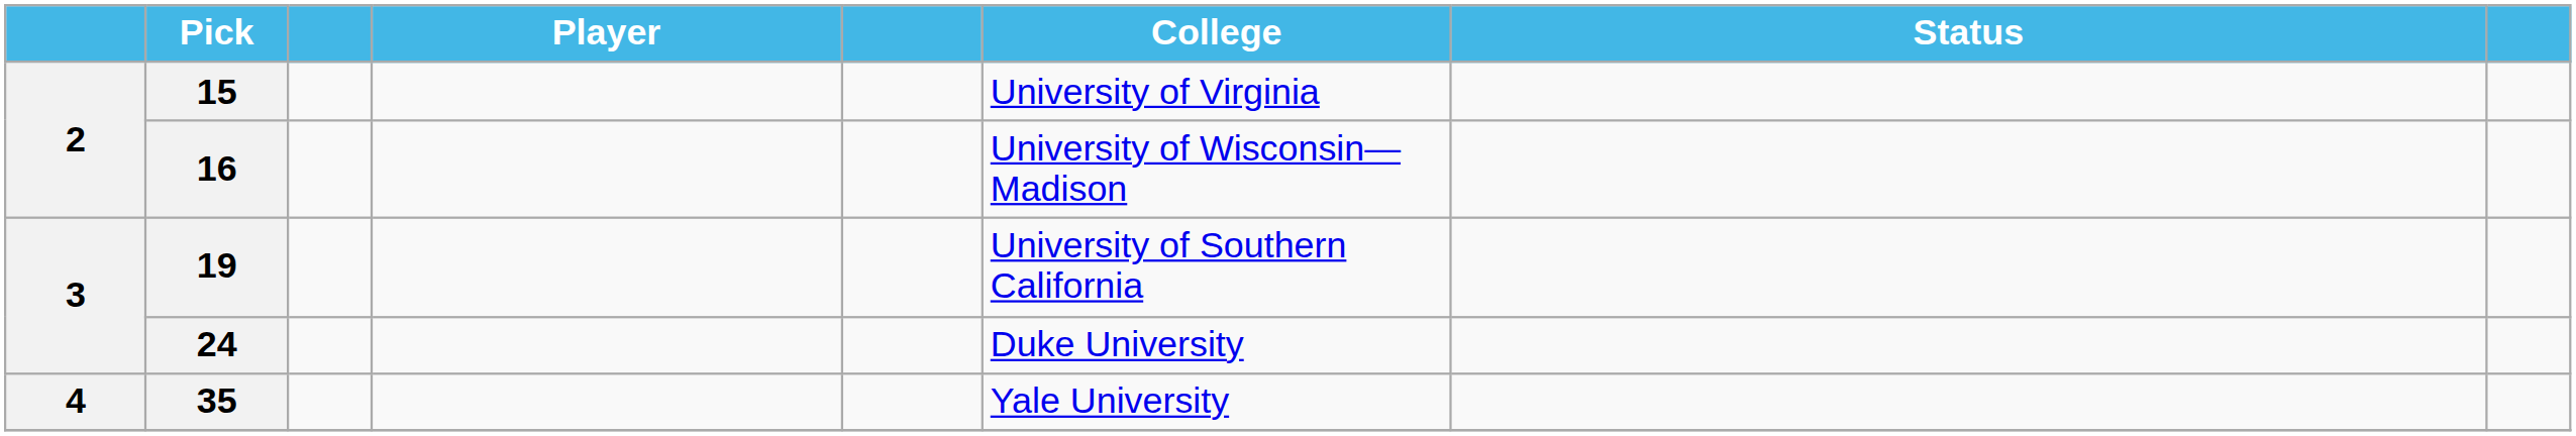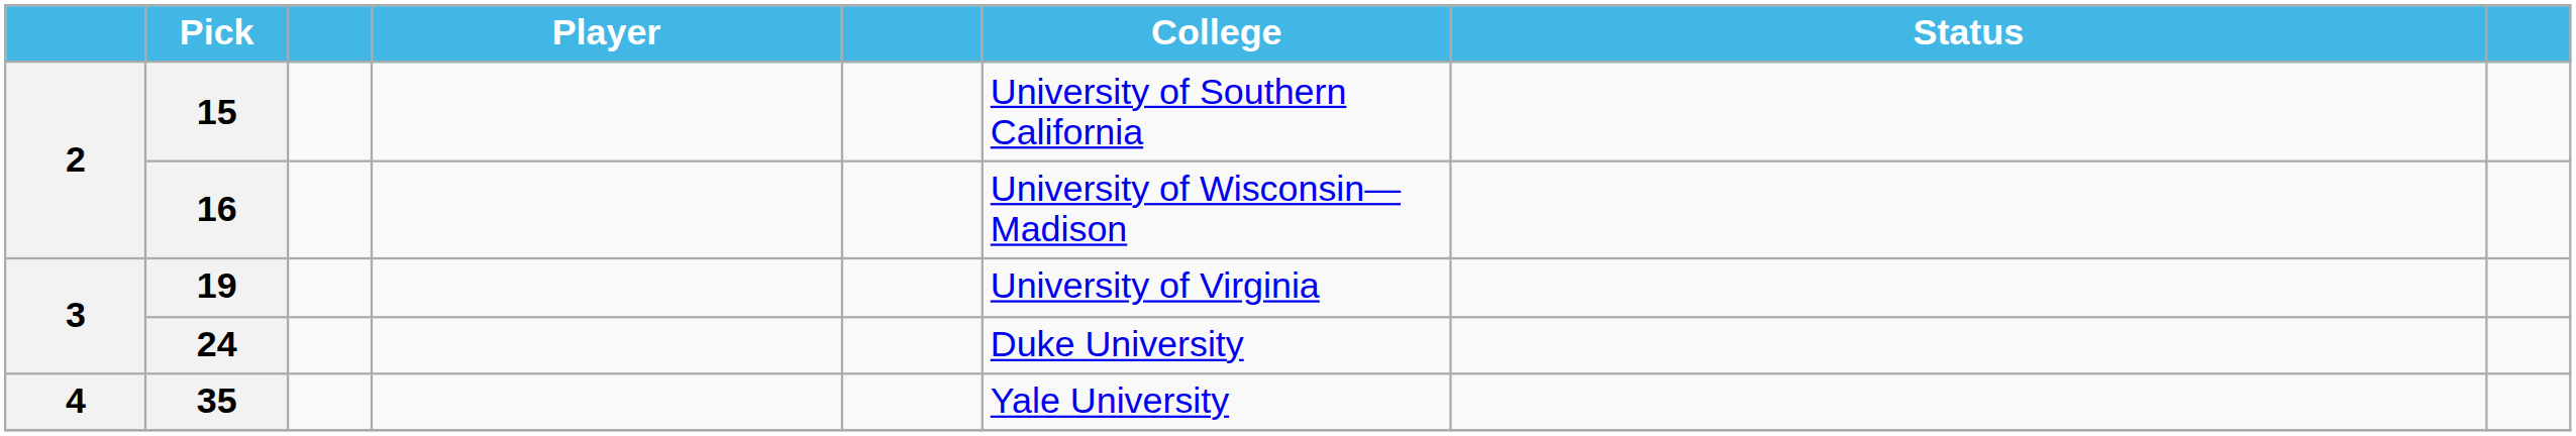 <table class="wikitable sortable">
 <tr>
 <th style="background:#42b7e6; color:#fff; width:55px;" scope="col"></th>
 <th style="background:#42b7e6; color:#fff; width:55px;" scope="col">Pick</th>
 <th style="background:#42b7e6; color:#fff; width:30px;" scope="col"></th>
 <th style="background:#42b7e6; color:#fff; width:200px;" scope="col">Player</th>
 <th style="background:#42b7e6; color:#fff; width:55px;" scope="col"></th>
 <th style="background:#42b7e6; color:#fff; width:200px;" scope="col">College</th>
 <th style="background:#42b7e6; color:#fff; width:450px;" scope="col">Status</th>
 <th style="background:#42b7e6; color:#fff; width:30px;" scope="col"></th>
 </tr>
 <tr>
 <th rowspan=2 scope="rowgroup">2</th>
 <th scope="row">15</th>
 <td></td>
 <td></td>
 <td></td>
-<td><a href='#'>University of Virginia</a></td>
+<td><a href='#'>University of Southern California</a></td>
 <td></td>
 <td></td>
 </tr>
 <tr>
 <th scope="row">16</th>
 <td></td>
 <td></td>
 <td></td>
 <td><a href='#'>University of Wisconsin—Madison</a></td>
 <td></td>
 <td></td>
 </tr>
 <tr>
 <th rowspan=2 scope="rowgroup">3</th>
 <th scope="row">19</th>
 <td></td>
 <td></td>
 <td></td>
-<td><a href='#'>University of Southern California</a></td>
+<td><a href='#'>University of Virginia</a></td>
 <td></td>
 <td></td>
 </tr>
 <tr>
 <th scope="row">24</th>
 <td></td>
 <td></td>
 <td></td>
 <td><a href='#'>Duke University</a></td>
 <td></td>
 <td></td>
 </tr>
 <tr>
 <th rowspan=1 scope="rowgroup">4</th>
 <th scope="row">35</th>
 <td></td>
 <td></td>
 <td></td>
 <td><a href='#'>Yale University</a></td>
 <td></td>
 <td></td>
 </tr>
 <tr>
 </tr>
 </table>
